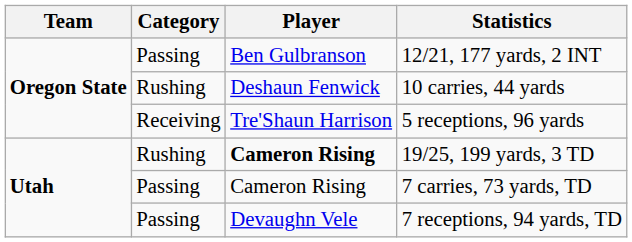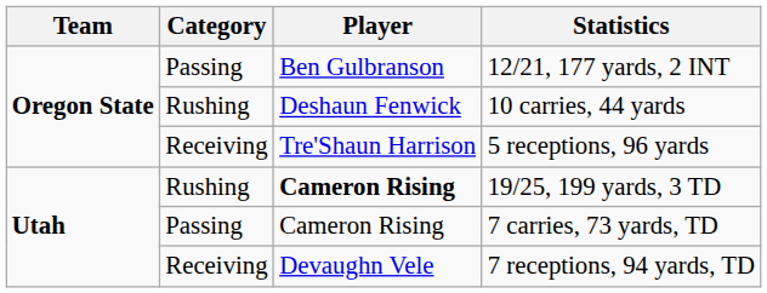 <table class="wikitable" style="float: right;">
 <tr>
 <th>Team</th>
 <th>Category</th>
 <th>Player</th>
 <th>Statistics</th>
 </tr>
 <tr>
 <td rowspan=3><strong>Oregon State</strong></td>
 <td>Passing</td>
 <td><a href='#'>Ben Gulbranson</a></td>
 <td>12/21, 177 yards, 2 INT</td>
 </tr>
 <tr>
 <td>Rushing</td>
 <td><a href='#'>Deshaun Fenwick</a></td>
 <td>10 carries, 44 yards</td>
 </tr>
 <tr>
 <td>Receiving</td>
 <td><a href='#'>Tre'Shaun Harrison</a></td>
 <td>5 receptions, 96 yards</td>
 </tr>
 <tr>
 <td rowspan=3><strong>Utah</strong></td>
 <td>Rushing</td>
 <td><strong>Cameron Rising</strong></td>
 <td>19/25, 199 yards, 3 TD</td>
 </tr>
 <tr>
 <td>Passing</td>
 <td>Cameron Rising</td>
 <td>7 carries, 73 yards, TD</td>
 </tr>
 <tr>
-<td>Passing</td>
+<td>Receiving</td>
 <td><a href='#'>Devaughn Vele</a></td>
 <td>7 receptions, 94 yards, TD</td>
 </tr>
 </table>
